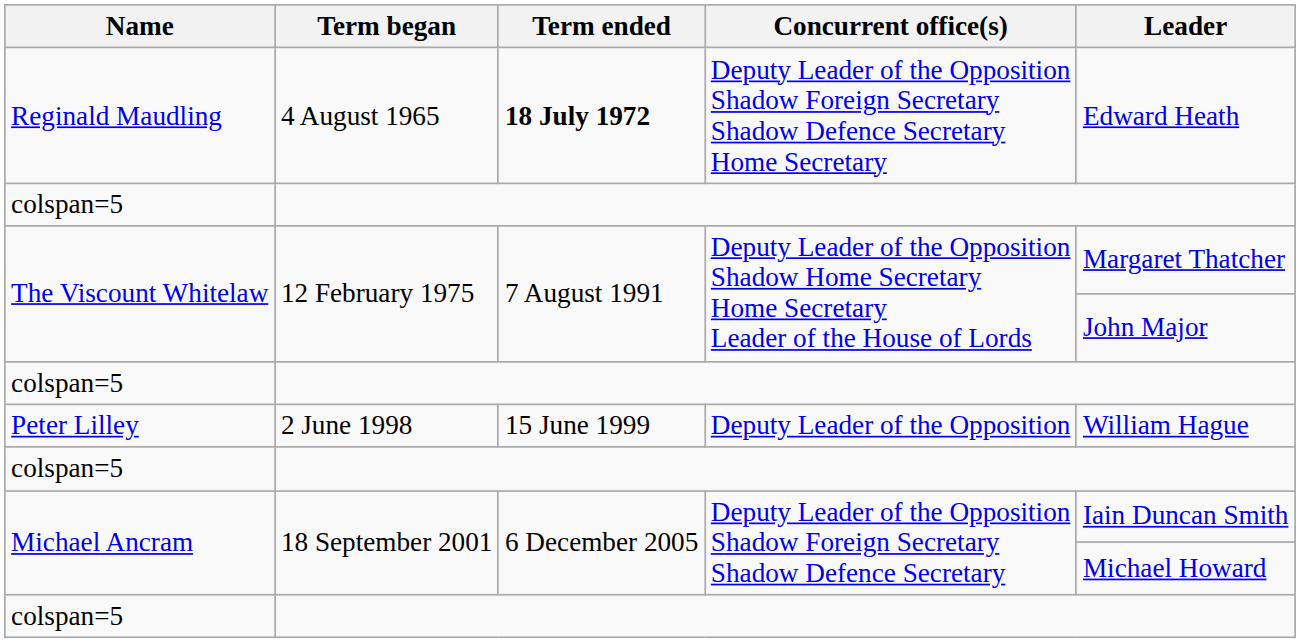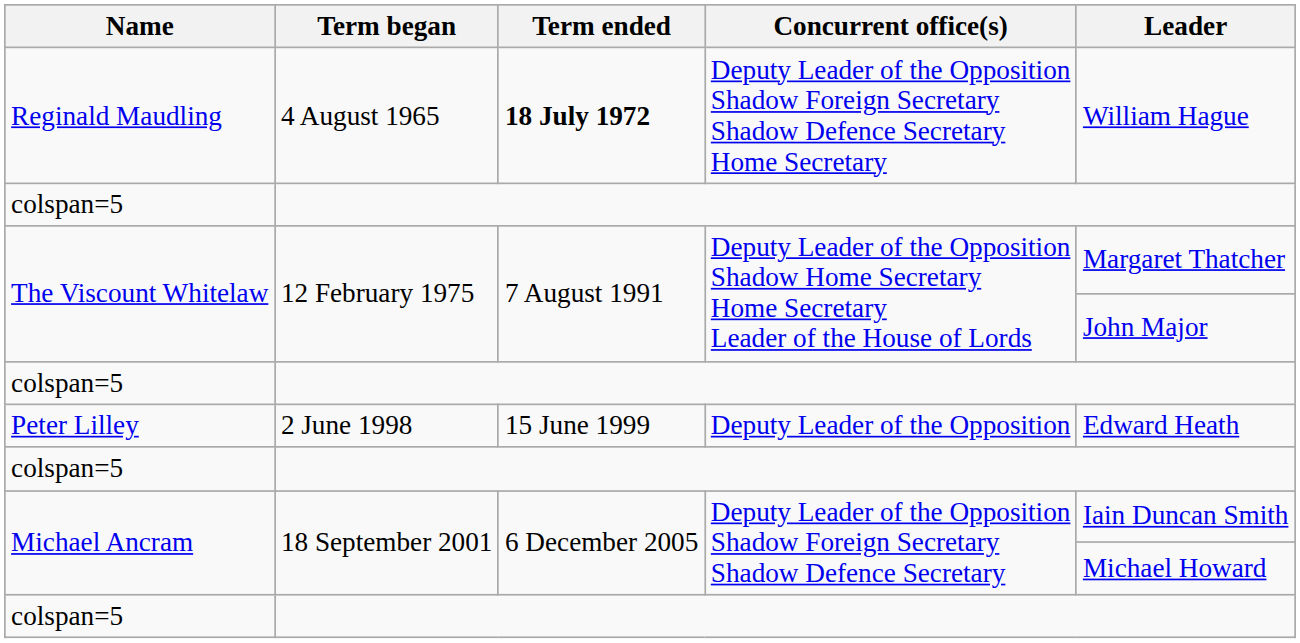 <table class="wikitable">
 <tr>
 <th>Name</th>
 <th>Term began</th>
 <th>Term ended</th>
 <th>Concurrent office(s)</th>
 <th>Leader</th>
 </tr>
 <tr>
 <td><a href='#'>Reginald Maudling</a></td>
 <td>4 August 1965</td>
 <td><strong>18 July 1972</strong></td>
 <td><a href='#'>Deputy Leader of the Opposition</a> <br><a href='#'>Shadow Foreign Secretary</a> <br><a href='#'>Shadow Defence Secretary</a> <br><a href='#'>Home Secretary</a> </td>
-<td><a href='#'>Edward Heath</a></td>
+<td><a href='#'>William Hague</a></td>
 </tr>
 <tr>
 <td>colspan=5 </td>
 </tr>
 <tr>
 <td rowspan=2><a href='#'>The Viscount Whitelaw</a></td>
 <td rowspan=2>12 February 1975</td>
 <td rowspan=2>7 August 1991</td>
 <td rowspan=2><a href='#'>Deputy Leader of the Opposition</a> <br><a href='#'>Shadow Home Secretary</a> <br><a href='#'>Home Secretary</a> <br><a href='#'>Leader of the House of Lords</a> </td>
 <td><a href='#'>Margaret Thatcher</a></td>
 </tr>
 <tr>
 <td><a href='#'>John Major</a></td>
 </tr>
 <tr>
 <td>colspan=5 </td>
 </tr>
 <tr>
 <td><a href='#'>Peter Lilley</a></td>
 <td>2 June 1998</td>
 <td>15 June 1999</td>
 <td><a href='#'>Deputy Leader of the Opposition</a> </td>
-<td><a href='#'>William Hague</a></td>
+<td><a href='#'>Edward Heath</a></td>
 </tr>
 <tr>
 <td>colspan=5 </td>
 </tr>
 <tr>
 <td rowspan=2><a href='#'>Michael Ancram</a></td>
 <td rowspan=2>18 September 2001</td>
 <td rowspan=2>6 December 2005</td>
 <td rowspan=2><a href='#'>Deputy Leader of the Opposition</a> <br><a href='#'>Shadow Foreign Secretary</a> <br><a href='#'>Shadow Defence Secretary</a> </td>
 <td><a href='#'>Iain Duncan Smith</a></td>
 </tr>
 <tr>
 <td><a href='#'>Michael Howard</a></td>
 </tr>
 <tr>
 <td>colspan=5 </td>
 </tr>
 </table>
